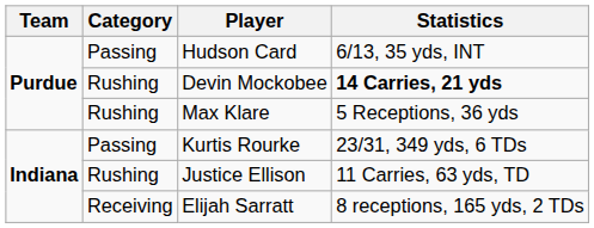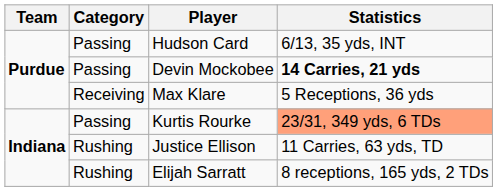 <table class="wikitable" style="float: right;">
 <tr>
 <th>Team</th>
 <th>Category</th>
 <th>Player</th>
 <th>Statistics</th>
 </tr>
 <tr>
 <td rowspan=3><strong>Purdue</strong></td>
 <td>Passing</td>
 <td>Hudson Card</td>
 <td>6/13, 35 yds, INT</td>
 </tr>
 <tr>
-<td>Rushing</td>
+<td>Passing</td>
 <td>Devin Mockobee</td>
 <td><strong>14 Carries, 21 yds</strong></td>
 </tr>
 <tr>
-<td>Rushing</td>
+<td>Receiving</td>
 <td>Max Klare</td>
 <td>5 Receptions, 36 yds</td>
 </tr>
 <tr>
 <td rowspan=3><strong>Indiana</strong></td>
 <td>Passing</td>
 <td>Kurtis Rourke</td>
-<td>23/31, 349 yds, 6 TDs</td>
+<td style="background: lightsalmon;">23/31, 349 yds, 6 TDs</td>
 </tr>
 <tr>
 <td>Rushing</td>
 <td>Justice Ellison</td>
 <td>11 Carries, 63 yds, TD</td>
 </tr>
 <tr>
-<td>Receiving</td>
+<td>Rushing</td>
 <td>Elijah Sarratt</td>
 <td>8 receptions, 165 yds, 2 TDs</td>
 </tr>
 </table>
